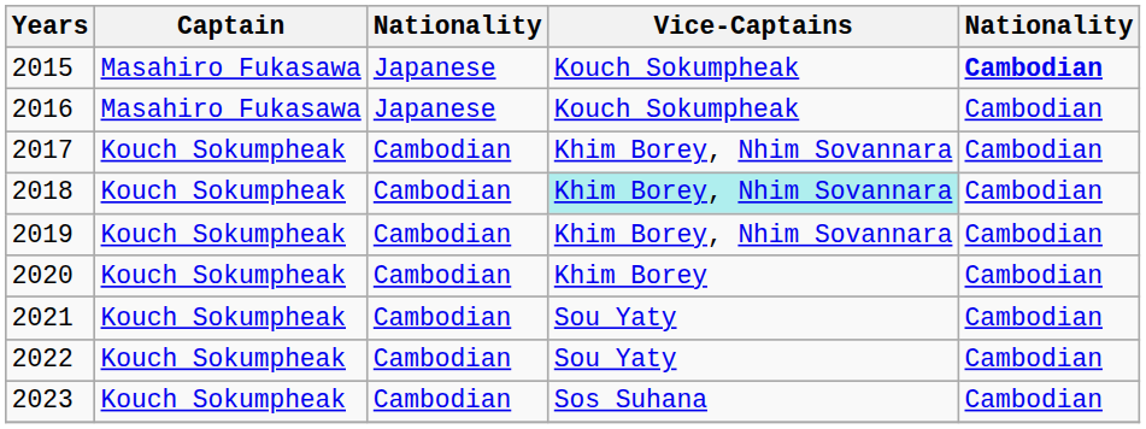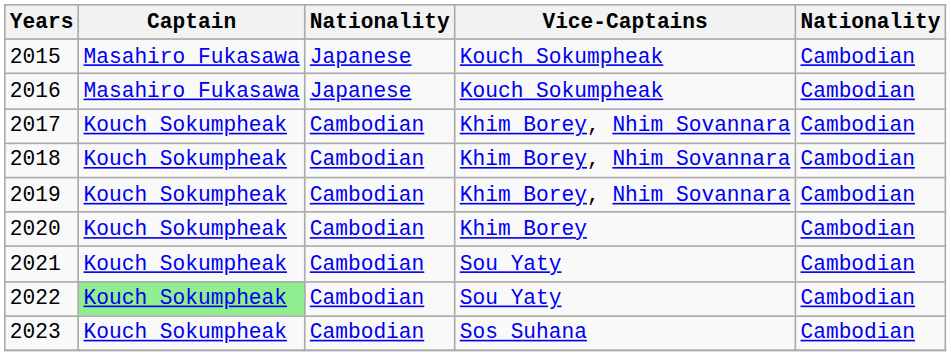 <table class="wikitable" border="5">
 <tr>
 <th>Years</th>
 <th>Captain</th>
 <th>Nationality</th>
 <th>Vice-Captains</th>
 <th>Nationality</th>
 </tr>
 <tr>
 <td>2015</td>
 <td><a href='#'>Masahiro Fukasawa</a></td>
 <td> <a href='#'>Japanese</a></td>
 <td><a href='#'>Kouch Sokumpheak</a></td>
-<td><strong> <a href='#'>Cambodian</a></strong></td>
+<td> <a href='#'>Cambodian</a></td>
 </tr>
 <tr>
 <td>2016</td>
 <td><a href='#'>Masahiro Fukasawa</a></td>
 <td> <a href='#'>Japanese</a></td>
 <td><a href='#'>Kouch Sokumpheak</a></td>
 <td> <a href='#'>Cambodian</a></td>
 </tr>
 <tr>
 <td>2017</td>
 <td><a href='#'>Kouch Sokumpheak</a></td>
 <td> <a href='#'>Cambodian</a></td>
 <td><a href='#'>Khim Borey</a>, <a href='#'>Nhim Sovannara</a></td>
 <td> <a href='#'>Cambodian</a></td>
 </tr>
 <tr>
 <td>2018</td>
 <td><a href='#'>Kouch Sokumpheak</a></td>
 <td> <a href='#'>Cambodian</a></td>
-<td style="background: paleturquoise;"><a href='#'>Khim Borey</a>, <a href='#'>Nhim Sovannara</a></td>
+<td><a href='#'>Khim Borey</a>, <a href='#'>Nhim Sovannara</a></td>
 <td> <a href='#'>Cambodian</a></td>
 </tr>
 <tr>
 <td>2019</td>
 <td><a href='#'>Kouch Sokumpheak</a></td>
 <td> <a href='#'>Cambodian</a></td>
 <td><a href='#'>Khim Borey</a>, <a href='#'>Nhim Sovannara</a></td>
 <td> <a href='#'>Cambodian</a></td>
 </tr>
 <tr>
 <td>2020</td>
 <td><a href='#'>Kouch Sokumpheak</a></td>
 <td> <a href='#'>Cambodian</a></td>
 <td><a href='#'>Khim Borey</a></td>
 <td> <a href='#'>Cambodian</a></td>
 </tr>
 <tr>
 <td>2021</td>
 <td><a href='#'>Kouch Sokumpheak</a></td>
 <td> <a href='#'>Cambodian</a></td>
 <td><a href='#'>Sou Yaty</a></td>
 <td> <a href='#'>Cambodian</a></td>
 </tr>
 <tr>
 <td>2022</td>
-<td><a href='#'>Kouch Sokumpheak</a></td>
+<td style="background: lightgreen;"><a href='#'>Kouch Sokumpheak</a></td>
 <td> <a href='#'>Cambodian</a></td>
 <td><a href='#'>Sou Yaty</a></td>
 <td> <a href='#'>Cambodian</a></td>
 </tr>
 <tr>
 <td>2023</td>
 <td><a href='#'>Kouch Sokumpheak</a></td>
 <td> <a href='#'>Cambodian</a></td>
 <td><a href='#'>Sos Suhana</a></td>
 <td> <a href='#'>Cambodian</a></td>
 </tr>
 <tr>
 </tr>
 </table>
